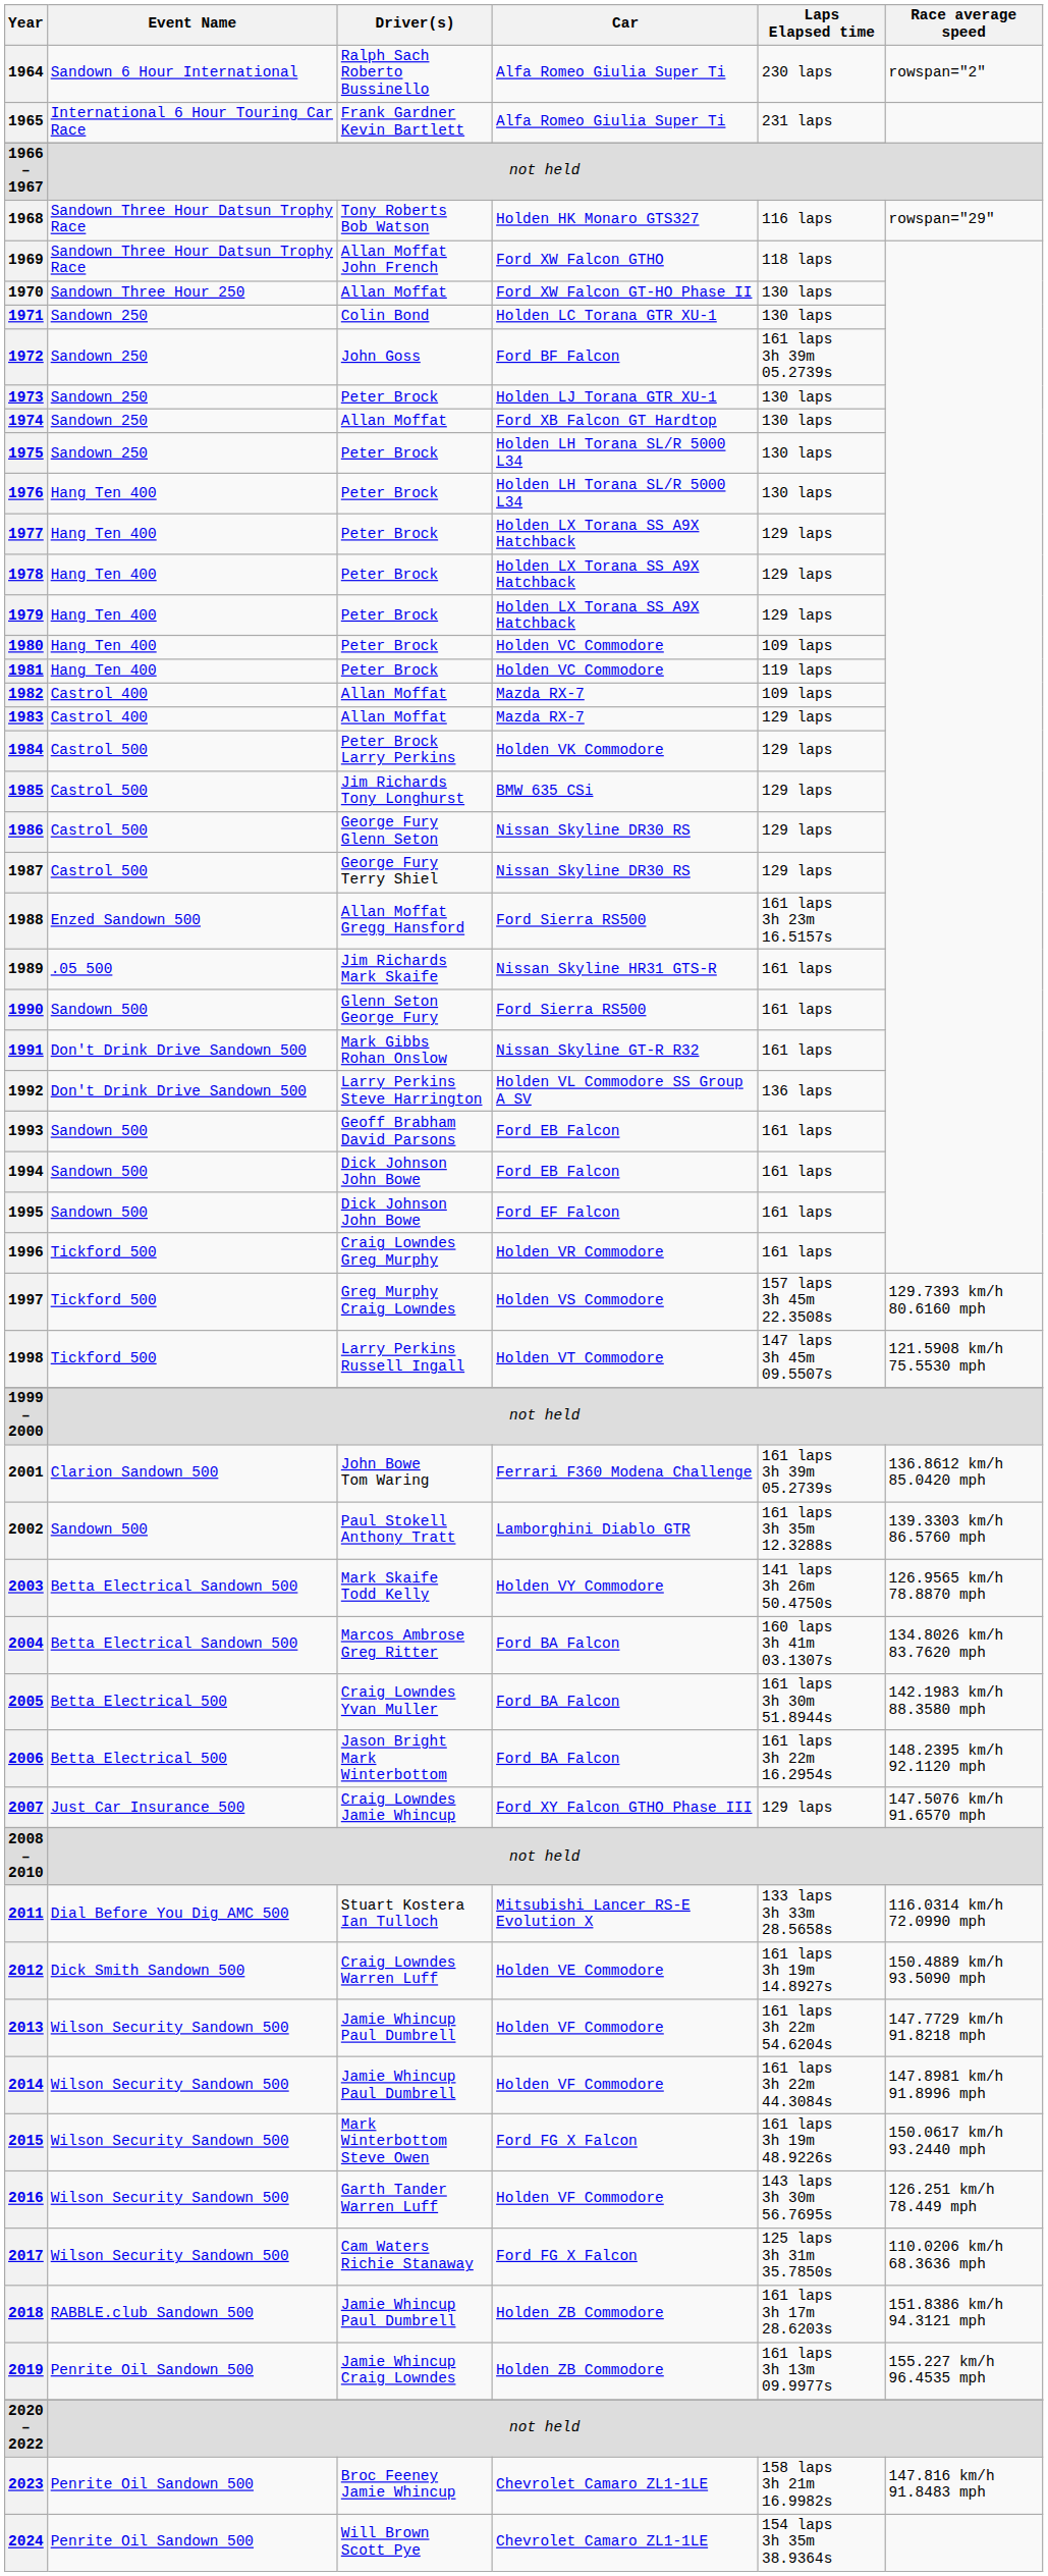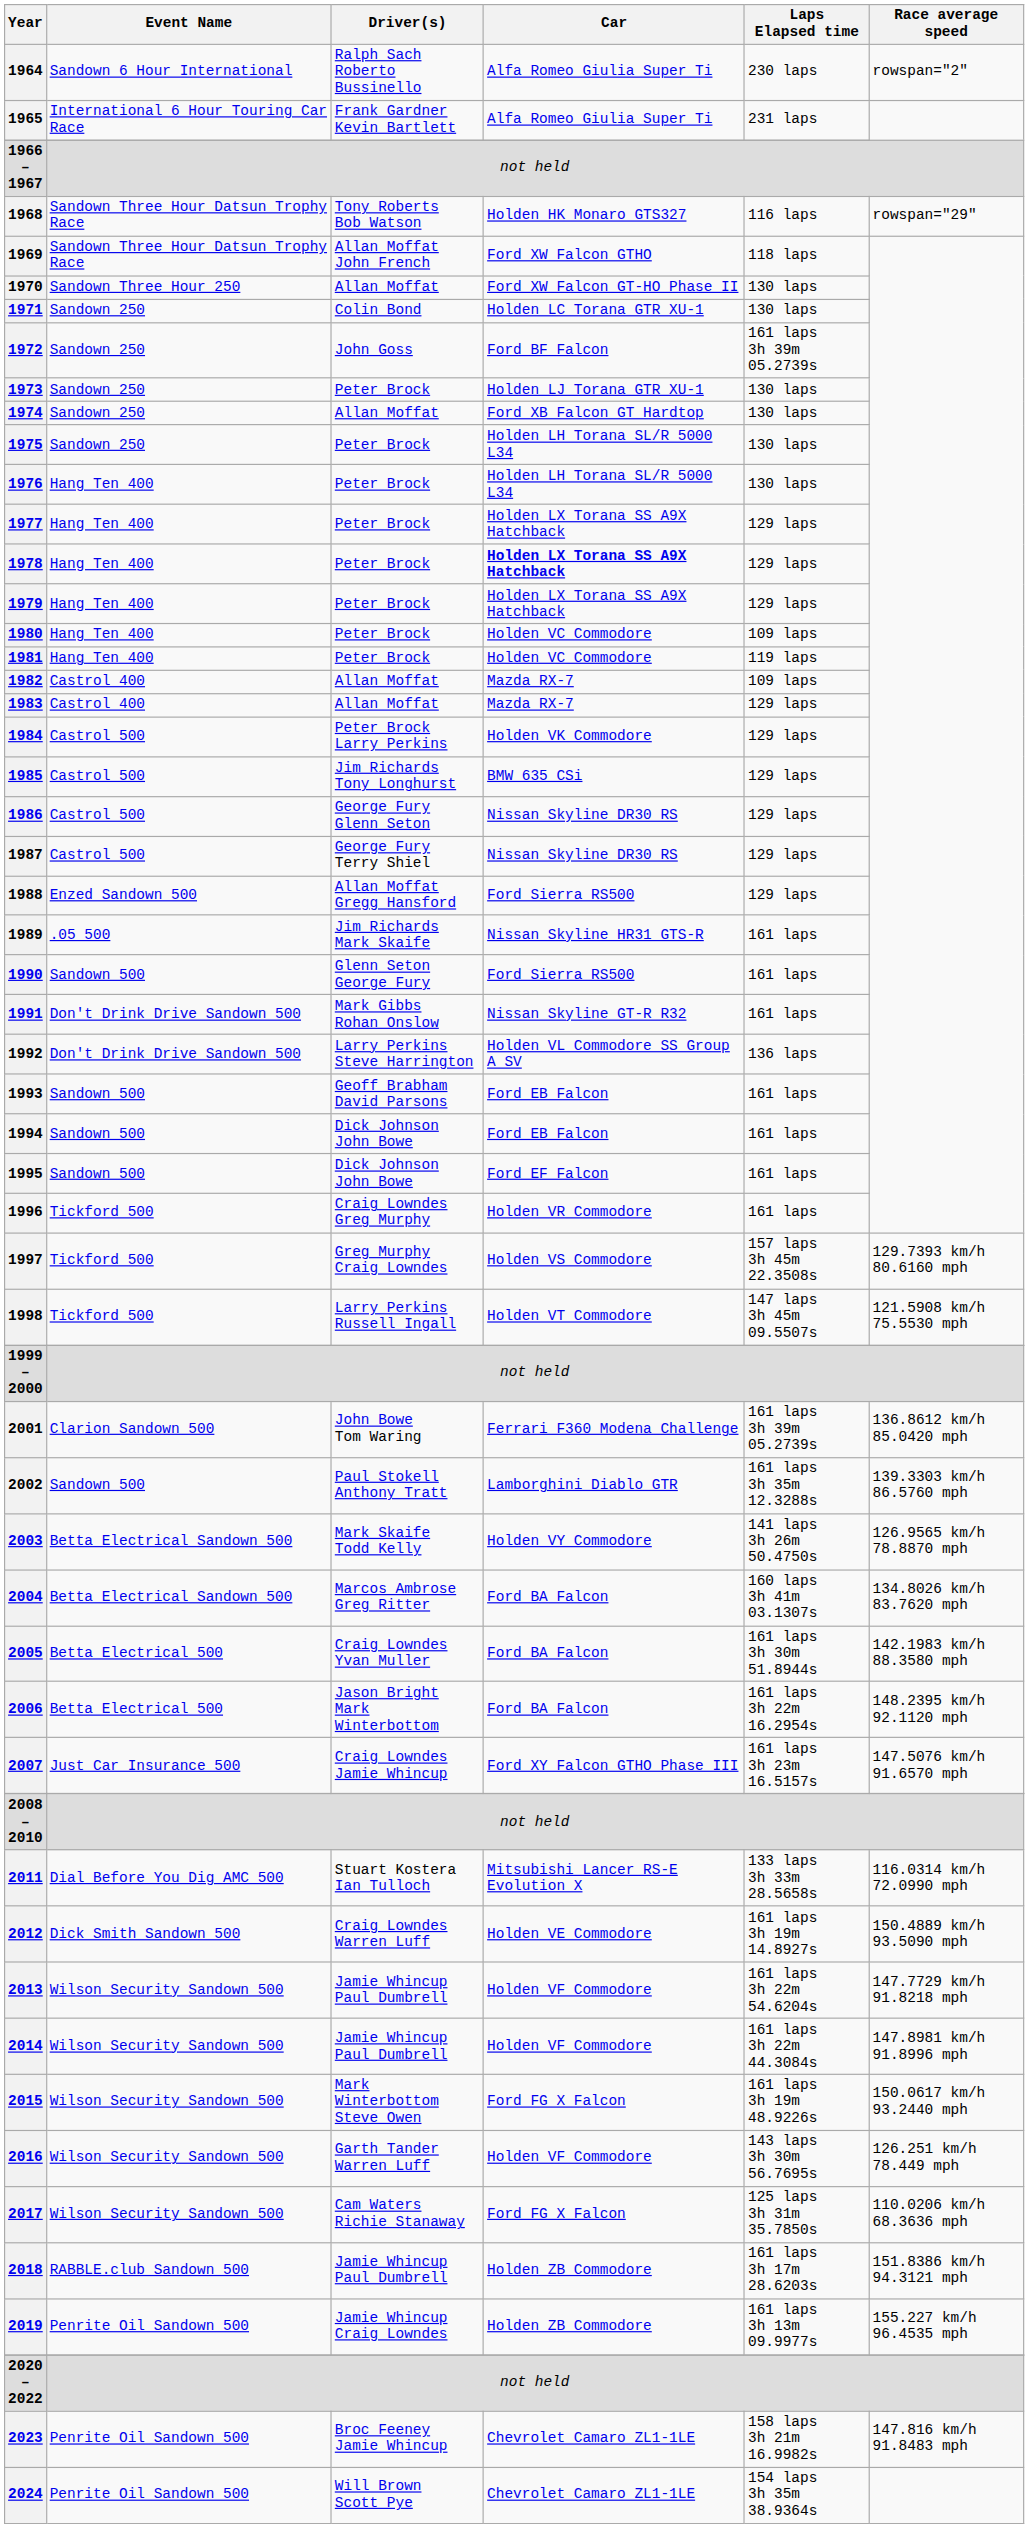 <table class="wikitable" style="font-size: 95%;">
 <tr>
 <th>Year</th>
 <th>Event Name</th>
 <th>Driver(s)</th>
 <th>Car</th>
 <th>Laps <br> Elapsed time</th>
 <th>Race average speed</th>
 </tr>
 <tr>
 <th>1964</th>
 <td><a href='#'>Sandown 6 Hour International</a></td>
 <td> <a href='#'>Ralph Sach</a><br> <a href='#'>Roberto Bussinello</a></td>
 <td><a href='#'>Alfa Romeo Giulia Super Ti</a></td>
 <td>230 laps</td>
 <td>rowspan="2" </td>
 </tr>
 <tr>
 <th>1965</th>
 <td><a href='#'>International 6 Hour Touring Car Race</a></td>
 <td> <a href='#'>Frank Gardner</a><br> <a href='#'>Kevin Bartlett</a></td>
 <td><a href='#'>Alfa Romeo Giulia Super Ti</a></td>
 <td>231 laps</td>
 </tr>
 <tr>
 </tr>
 <tr style="background:#DDDDDD;">
 <td align="center"><strong>1966<br>–<br>1967</strong></td>
 <td align="center" colspan="5"><em>not held</em></td>
 </tr>
 <tr>
 <th>1968</th>
 <td><a href='#'>Sandown Three Hour Datsun Trophy Race</a></td>
 <td> <a href='#'>Tony Roberts</a><br> <a href='#'>Bob Watson</a></td>
 <td><a href='#'>Holden HK Monaro GTS327</a></td>
 <td>116 laps</td>
 <td>rowspan="29" </td>
 </tr>
 <tr>
 <th>1969</th>
 <td><a href='#'>Sandown Three Hour Datsun Trophy Race</a></td>
 <td> <a href='#'>Allan Moffat</a><br> <a href='#'>John French</a></td>
 <td><a href='#'>Ford XW Falcon GTHO</a></td>
 <td>118 laps</td>
 </tr>
 <tr>
 <th>1970</th>
 <td><a href='#'>Sandown Three Hour 250</a></td>
 <td> <a href='#'>Allan Moffat</a></td>
 <td><a href='#'>Ford XW Falcon GT-HO Phase II</a></td>
 <td>130 laps</td>
 </tr>
 <tr>
 <th><a href='#'>1971</a></th>
 <td><a href='#'>Sandown 250</a></td>
 <td> <a href='#'>Colin Bond</a></td>
 <td><a href='#'>Holden LC Torana GTR XU-1</a></td>
 <td>130 laps</td>
 </tr>
 <tr>
 <th><a href='#'>1972</a></th>
 <td><a href='#'>Sandown 250</a></td>
 <td> <a href='#'>John Goss</a></td>
 <td><a href='#'>Ford BF Falcon</a></td>
 <td>161 laps <br> 3h 39m 05.2739s</td>
 </tr>
 <tr>
 <th><a href='#'>1973</a></th>
 <td><a href='#'>Sandown 250</a></td>
 <td> <a href='#'>Peter Brock</a></td>
 <td><a href='#'>Holden LJ Torana GTR XU-1</a></td>
 <td>130 laps</td>
 </tr>
 <tr>
 <th><a href='#'>1974</a></th>
 <td><a href='#'>Sandown 250</a></td>
 <td> <a href='#'>Allan Moffat</a></td>
 <td><a href='#'>Ford XB Falcon GT Hardtop</a></td>
 <td>130 laps</td>
 </tr>
 <tr>
 <th><a href='#'>1975</a></th>
 <td><a href='#'>Sandown 250</a></td>
 <td> <a href='#'>Peter Brock</a></td>
 <td><a href='#'>Holden LH Torana SL/R 5000 L34</a></td>
 <td>130 laps</td>
 </tr>
 <tr>
 <th><a href='#'>1976</a></th>
 <td><a href='#'>Hang Ten 400</a></td>
 <td> <a href='#'>Peter Brock</a></td>
 <td><a href='#'>Holden LH Torana SL/R 5000 L34</a></td>
 <td>130 laps</td>
 </tr>
 <tr>
 <th><a href='#'>1977</a></th>
 <td><a href='#'>Hang Ten 400</a></td>
 <td> <a href='#'>Peter Brock</a></td>
 <td><a href='#'>Holden LX Torana SS A9X Hatchback</a></td>
 <td>129 laps</td>
 </tr>
 <tr>
 <th><a href='#'>1978</a></th>
 <td><a href='#'>Hang Ten 400</a></td>
 <td> <a href='#'>Peter Brock</a></td>
-<td><a href='#'>Holden LX Torana SS A9X Hatchback</a></td>
+<td><strong><a href='#'>Holden LX Torana SS A9X Hatchback</a></strong></td>
 <td>129 laps</td>
 </tr>
 <tr>
 <th><a href='#'>1979</a></th>
 <td><a href='#'>Hang Ten 400</a></td>
 <td> <a href='#'>Peter Brock</a></td>
 <td><a href='#'>Holden LX Torana SS A9X Hatchback</a></td>
 <td>129 laps</td>
 </tr>
 <tr>
 <th><a href='#'>1980</a></th>
 <td><a href='#'>Hang Ten 400</a></td>
 <td> <a href='#'>Peter Brock</a></td>
 <td><a href='#'>Holden VC Commodore</a></td>
 <td>109 laps</td>
 </tr>
 <tr>
 <th><a href='#'>1981</a></th>
 <td><a href='#'>Hang Ten 400</a></td>
 <td> <a href='#'>Peter Brock</a></td>
 <td><a href='#'>Holden VC Commodore</a></td>
 <td>119 laps</td>
 </tr>
 <tr>
 <th><a href='#'>1982</a></th>
 <td><a href='#'>Castrol 400</a></td>
 <td> <a href='#'>Allan Moffat</a></td>
 <td><a href='#'>Mazda RX-7</a></td>
 <td>109 laps</td>
 </tr>
 <tr>
 <th><a href='#'>1983</a></th>
 <td><a href='#'>Castrol 400</a></td>
 <td> <a href='#'>Allan Moffat</a></td>
 <td><a href='#'>Mazda RX-7</a></td>
 <td>129 laps</td>
 </tr>
 <tr>
 <th><a href='#'>1984</a></th>
 <td><a href='#'>Castrol 500</a></td>
 <td> <a href='#'>Peter Brock</a><br> <a href='#'>Larry Perkins</a></td>
 <td><a href='#'>Holden VK Commodore</a></td>
 <td>129 laps</td>
 </tr>
 <tr>
 <th><a href='#'>1985</a></th>
 <td><a href='#'>Castrol 500</a></td>
 <td> <a href='#'>Jim Richards</a><br>  <a href='#'>Tony Longhurst</a></td>
 <td><a href='#'>BMW 635 CSi</a></td>
 <td>129 laps</td>
 </tr>
 <tr>
 <th><a href='#'>1986</a></th>
 <td><a href='#'>Castrol 500</a></td>
 <td> <a href='#'>George Fury</a><br> <a href='#'>Glenn Seton</a></td>
 <td><a href='#'>Nissan Skyline DR30 RS</a></td>
 <td>129 laps</td>
 </tr>
 <tr>
 <th>1987</th>
 <td><a href='#'>Castrol 500</a></td>
 <td> <a href='#'>George Fury</a><br> Terry Shiel</td>
 <td><a href='#'>Nissan Skyline DR30 RS</a></td>
 <td>129 laps</td>
 </tr>
 <tr>
 <th>1988</th>
 <td><a href='#'>Enzed Sandown 500</a></td>
 <td> <a href='#'>Allan Moffat</a><br> <a href='#'>Gregg Hansford</a></td>
 <td><a href='#'>Ford Sierra RS500</a></td>
-<td>161 laps <br> 3h 23m 16.5157s</td>
+<td>129 laps</td>
 </tr>
 <tr>
 <th>1989</th>
 <td><a href='#'>.05 500</a></td>
 <td> <a href='#'>Jim Richards</a><br> <a href='#'>Mark Skaife</a></td>
 <td><a href='#'>Nissan Skyline HR31 GTS-R</a></td>
 <td>161 laps</td>
 </tr>
 <tr>
 <th><a href='#'>1990</a></th>
 <td><a href='#'>Sandown 500</a></td>
 <td> <a href='#'>Glenn Seton</a><br> <a href='#'>George Fury</a></td>
 <td><a href='#'>Ford Sierra RS500</a></td>
 <td>161 laps</td>
 </tr>
 <tr>
 <th><a href='#'>1991</a></th>
 <td><a href='#'>Don't Drink Drive Sandown 500</a></td>
 <td> <a href='#'>Mark Gibbs</a><br> <a href='#'>Rohan Onslow</a></td>
 <td><a href='#'>Nissan Skyline GT-R R32</a></td>
 <td>161 laps</td>
 </tr>
 <tr>
 <th>1992</th>
 <td><a href='#'>Don't Drink Drive Sandown 500</a></td>
 <td> <a href='#'>Larry Perkins</a><br> <a href='#'>Steve Harrington</a></td>
 <td><a href='#'>Holden VL Commodore SS Group A SV</a></td>
 <td>136 laps</td>
 </tr>
 <tr>
 <th>1993</th>
 <td><a href='#'>Sandown 500</a></td>
 <td> <a href='#'>Geoff Brabham</a><br> <a href='#'>David Parsons</a></td>
 <td><a href='#'>Ford EB Falcon</a></td>
 <td>161 laps</td>
 </tr>
 <tr>
 <th>1994</th>
 <td><a href='#'>Sandown 500</a></td>
 <td> <a href='#'>Dick Johnson</a><br> <a href='#'>John Bowe</a></td>
 <td><a href='#'>Ford EB Falcon</a></td>
 <td>161 laps</td>
 </tr>
 <tr>
 <th>1995</th>
 <td><a href='#'>Sandown 500</a></td>
 <td> <a href='#'>Dick Johnson</a><br> <a href='#'>John Bowe</a></td>
 <td><a href='#'>Ford EF Falcon</a></td>
 <td>161 laps</td>
 </tr>
 <tr>
 <th>1996</th>
 <td><a href='#'>Tickford 500</a></td>
 <td> <a href='#'>Craig Lowndes</a><br> <a href='#'>Greg Murphy</a></td>
 <td><a href='#'>Holden VR Commodore</a></td>
 <td>161 laps</td>
 </tr>
 <tr>
 <th>1997</th>
 <td><a href='#'>Tickford 500</a></td>
 <td> <a href='#'>Greg Murphy</a><br> <a href='#'>Craig Lowndes</a></td>
 <td><a href='#'>Holden VS Commodore</a></td>
 <td>157 laps <br> 3h 45m 22.3508s</td>
 <td>129.7393 km/h <br> 80.6160 mph</td>
 </tr>
 <tr>
 <th>1998</th>
 <td><a href='#'>Tickford 500</a></td>
 <td> <a href='#'>Larry Perkins</a><br> <a href='#'>Russell Ingall</a></td>
 <td><a href='#'>Holden VT Commodore</a></td>
 <td>147 laps <br> 3h 45m 09.5507s</td>
 <td>121.5908 km/h <br> 75.5530 mph</td>
 </tr>
 <tr>
 </tr>
 <tr style="background:#DDDDDD;">
 <td align="center"><strong>1999<br>–<br>2000</strong></td>
 <td align="center" colspan="5"><em>not held</em></td>
 </tr>
 <tr>
 <th>2001</th>
 <td><a href='#'>Clarion Sandown 500</a></td>
 <td> <a href='#'>John Bowe</a><br> Tom Waring</td>
 <td><a href='#'>Ferrari F360 Modena Challenge</a></td>
 <td>161 laps <br> 3h 39m 05.2739s</td>
 <td>136.8612 km/h <br> 85.0420 mph</td>
 </tr>
 <tr>
 <th>2002</th>
 <td><a href='#'>Sandown 500</a></td>
 <td> <a href='#'>Paul Stokell</a><br> <a href='#'>Anthony Tratt</a></td>
 <td><a href='#'>Lamborghini Diablo GTR</a></td>
 <td>161 laps <br> 3h 35m 12.3288s</td>
 <td>139.3303 km/h <br> 86.5760 mph</td>
 </tr>
 <tr>
 <th><a href='#'>2003</a></th>
 <td><a href='#'>Betta Electrical Sandown 500</a></td>
 <td> <a href='#'>Mark Skaife</a><br> <a href='#'>Todd Kelly</a></td>
 <td><a href='#'>Holden VY Commodore</a></td>
 <td>141 laps<br> 3h 26m 50.4750s</td>
 <td>126.9565 km/h <br> 78.8870 mph</td>
 </tr>
 <tr>
 <th><a href='#'>2004</a></th>
 <td><a href='#'>Betta Electrical Sandown 500</a></td>
 <td> <a href='#'>Marcos Ambrose</a><br> <a href='#'>Greg Ritter</a></td>
 <td><a href='#'>Ford BA Falcon</a></td>
 <td>160 laps <br> 3h 41m 03.1307s</td>
 <td>134.8026 km/h <br> 83.7620 mph</td>
 </tr>
 <tr>
 <th><a href='#'>2005</a></th>
 <td><a href='#'>Betta Electrical 500</a></td>
 <td> <a href='#'>Craig Lowndes</a><br> <a href='#'>Yvan Muller</a></td>
 <td><a href='#'>Ford BA Falcon</a></td>
 <td>161 laps <br> 3h 30m 51.8944s</td>
 <td>142.1983 km/h <br> 88.3580 mph</td>
 </tr>
 <tr>
 <th><a href='#'>2006</a></th>
 <td><a href='#'>Betta Electrical 500</a></td>
 <td> <a href='#'>Jason Bright</a><br> <a href='#'>Mark Winterbottom</a></td>
 <td><a href='#'>Ford BA Falcon</a></td>
 <td>161 laps <br> 3h 22m 16.2954s</td>
 <td>148.2395 km/h <br> 92.1120 mph</td>
 </tr>
 <tr>
 <th><a href='#'>2007</a></th>
 <td><a href='#'>Just Car Insurance 500</a></td>
 <td> <a href='#'>Craig Lowndes</a><br> <a href='#'>Jamie Whincup</a></td>
 <td><a href='#'>Ford XY Falcon GTHO Phase III</a></td>
-<td>129 laps</td>
+<td>161 laps <br> 3h 23m 16.5157s</td>
 <td>147.5076 km/h <br> 91.6570 mph</td>
 </tr>
 <tr>
 </tr>
 <tr style="background:#DDDDDD;">
 <td align="center"><strong>2008<br>–<br>2010</strong></td>
 <td align="center" colspan="5"><em>not held</em></td>
 </tr>
 <tr>
 <th><a href='#'>2011</a></th>
 <td><a href='#'>Dial Before You Dig AMC 500</a></td>
 <td> Stuart Kostera<br> <a href='#'>Ian Tulloch</a></td>
 <td><a href='#'>Mitsubishi Lancer RS-E Evolution X</a></td>
 <td>133 laps <br> 3h 33m 28.5658s</td>
 <td>116.0314 km/h <br> 72.0990 mph</td>
 </tr>
 <tr>
 <th><a href='#'>2012</a></th>
 <td><a href='#'>Dick Smith Sandown 500</a></td>
 <td> <a href='#'>Craig Lowndes</a><br> <a href='#'>Warren Luff</a></td>
 <td><a href='#'>Holden VE Commodore</a></td>
 <td>161 laps <br> 3h 19m 14.8927s</td>
 <td>150.4889 km/h <br> 93.5090 mph</td>
 </tr>
 <tr>
 <th><a href='#'>2013</a></th>
 <td><a href='#'>Wilson Security Sandown 500</a></td>
 <td> <a href='#'>Jamie Whincup</a><br> <a href='#'>Paul Dumbrell</a></td>
 <td><a href='#'>Holden VF Commodore</a></td>
 <td>161 laps <br> 3h 22m 54.6204s</td>
 <td>147.7729 km/h <br> 91.8218 mph</td>
 </tr>
 <tr>
 <th><a href='#'>2014</a></th>
 <td><a href='#'>Wilson Security Sandown 500</a></td>
 <td> <a href='#'>Jamie Whincup</a><br> <a href='#'>Paul Dumbrell</a></td>
 <td><a href='#'>Holden VF Commodore</a></td>
 <td>161 laps <br> 3h 22m 44.3084s</td>
 <td>147.8981 km/h <br> 91.8996 mph</td>
 </tr>
 <tr>
 <th><a href='#'>2015</a></th>
 <td><a href='#'>Wilson Security Sandown 500</a></td>
 <td> <a href='#'>Mark Winterbottom</a><br> <a href='#'>Steve Owen</a></td>
 <td><a href='#'>Ford FG X Falcon</a></td>
 <td>161 laps <br> 3h 19m 48.9226s</td>
 <td>150.0617 km/h <br> 93.2440 mph</td>
 </tr>
 <tr>
 <th><a href='#'>2016</a></th>
 <td><a href='#'>Wilson Security Sandown 500</a></td>
 <td> <a href='#'>Garth Tander</a><br> <a href='#'>Warren Luff</a></td>
 <td><a href='#'>Holden VF Commodore</a></td>
 <td>143 laps <br> 3h 30m 56.7695s</td>
 <td>126.251 km/h <br> 78.449 mph</td>
 </tr>
 <tr>
 <th><a href='#'>2017</a></th>
 <td><a href='#'>Wilson Security Sandown 500</a></td>
 <td> <a href='#'>Cam Waters</a><br> <a href='#'>Richie Stanaway</a></td>
 <td><a href='#'>Ford FG X Falcon</a></td>
 <td>125 laps <br> 3h 31m 35.7850s</td>
 <td>110.0206 km/h <br> 68.3636 mph</td>
 </tr>
 <tr>
 <th><a href='#'>2018</a></th>
 <td><a href='#'>RABBLE.club Sandown 500</a></td>
 <td> <a href='#'>Jamie Whincup</a><br> <a href='#'>Paul Dumbrell</a></td>
 <td><a href='#'>Holden ZB Commodore</a></td>
 <td>161 laps<br> 3h 17m 28.6203s</td>
 <td>151.8386 km/h <br> 94.3121 mph</td>
 </tr>
 <tr>
 <th><a href='#'>2019</a></th>
 <td><a href='#'>Penrite Oil Sandown 500</a></td>
 <td> <a href='#'>Jamie Whincup</a><br> <a href='#'>Craig Lowndes</a></td>
 <td><a href='#'>Holden ZB Commodore</a></td>
 <td>161 laps<br> 3h 13m 09.9977s</td>
 <td>155.227 km/h <br> 96.4535 mph</td>
 </tr>
 <tr>
 </tr>
 <tr style="background:#DDDDDD;">
 <td align="center"><strong>2020<br>–<br>2022</strong></td>
 <td align="center" colspan="5"><em>not held</em></td>
 </tr>
 <tr>
 <th><a href='#'>2023</a></th>
 <td><a href='#'>Penrite Oil Sandown 500</a></td>
 <td> <a href='#'>Broc Feeney</a><br> <a href='#'>Jamie Whincup</a></td>
 <td><a href='#'>Chevrolet Camaro ZL1-1LE</a></td>
 <td>158 laps<br> 3h 21m 16.9982s</td>
 <td>147.816 km/h <br> 91.8483 mph</td>
 </tr>
 <tr>
 <th><a href='#'>2024</a></th>
 <td><a href='#'>Penrite Oil Sandown 500</a></td>
 <td> <a href='#'>Will Brown</a><br> <a href='#'>Scott Pye</a></td>
 <td><a href='#'>Chevrolet Camaro ZL1-1LE</a></td>
 <td>154 laps <br> 3h 35m 38.9364s</td>
 <td></td>
 </tr>
 </table>
